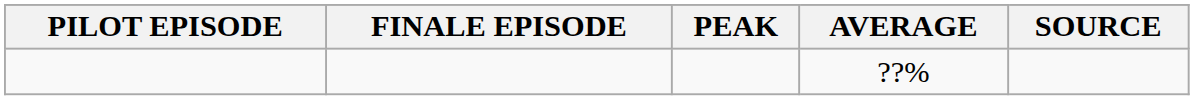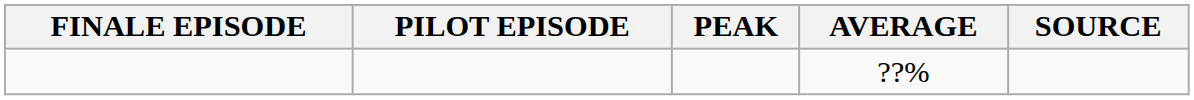 <table class="wikitable plainrowheaders" style="text-align:center; background:#f9f9f9; line-height:16px;" width="100%">
 <tr>
+<th>FINALE EPISODE</th>
 <th>PILOT EPISODE</th>
-<th>FINALE EPISODE</th>
 <th>PEAK</th>
 <th>AVERAGE</th>
 <th>SOURCE</th>
 </tr>
 <tr>
 <td></td>
 <td></td>
 <td></td>
 <td>??%</td>
 <td></td>
 </tr>
 </table>
